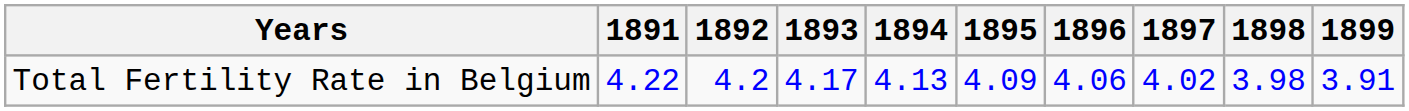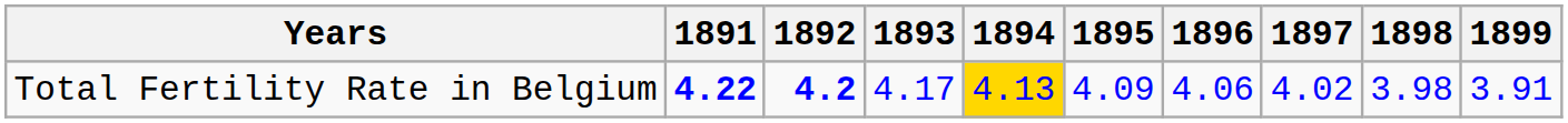 <table class="wikitable " style="text-align:right">
 <tr>
 <th>Years</th>
 <th>1891</th>
 <th>1892</th>
 <th>1893</th>
 <th>1894</th>
 <th>1895</th>
 <th>1896</th>
 <th>1897</th>
 <th>1898</th>
 <th>1899</th>
 </tr>
 <tr>
 <td align="left">Total Fertility Rate in Belgium</td>
-<td style="text-align:right; color:blue;">4.22</td>
-<td style="text-align:right; color:blue;">4.2</td>
+<td style="text-align:right; color:blue;"><strong>4.22</strong></td>
+<td style="text-align:right; color:blue;"><strong>4.2</strong></td>
 <td style="text-align:right; color:blue;">4.17</td>
-<td style="text-align:right; color:blue;">4.13</td>
+<td style="background: gold; text-align:right; color:blue;">4.13</td>
 <td style="text-align:right; color:blue;">4.09</td>
 <td style="text-align:right; color:blue;">4.06</td>
 <td style="text-align:right; color:blue;">4.02</td>
 <td style="text-align:right; color:blue;">3.98</td>
 <td style="text-align:right; color:blue;">3.91</td>
 </tr>
 </table>
